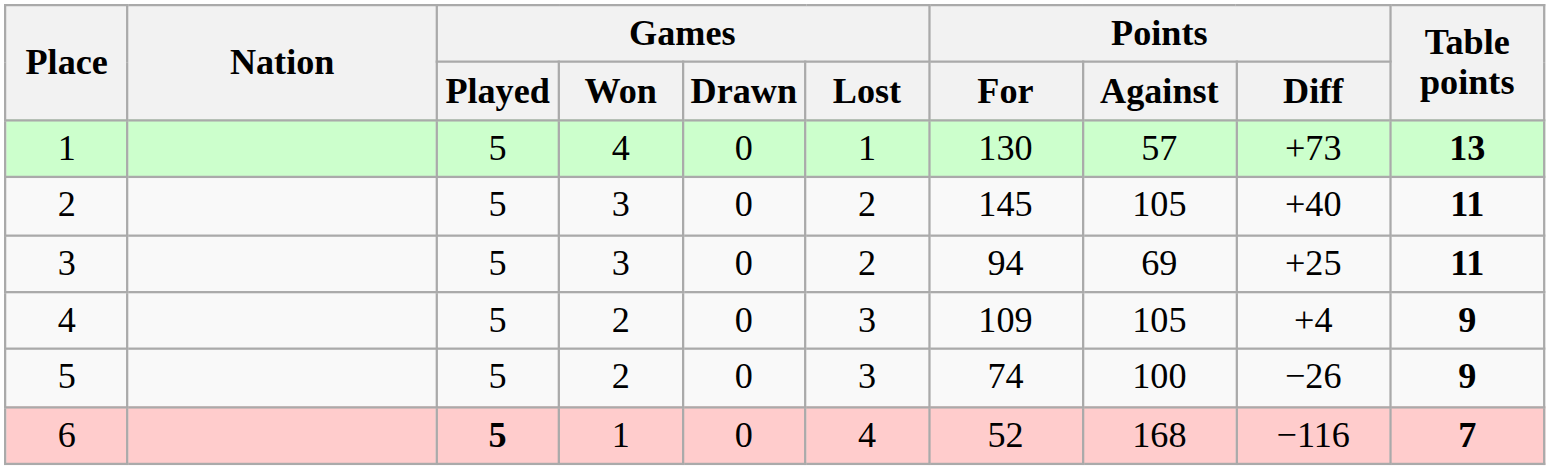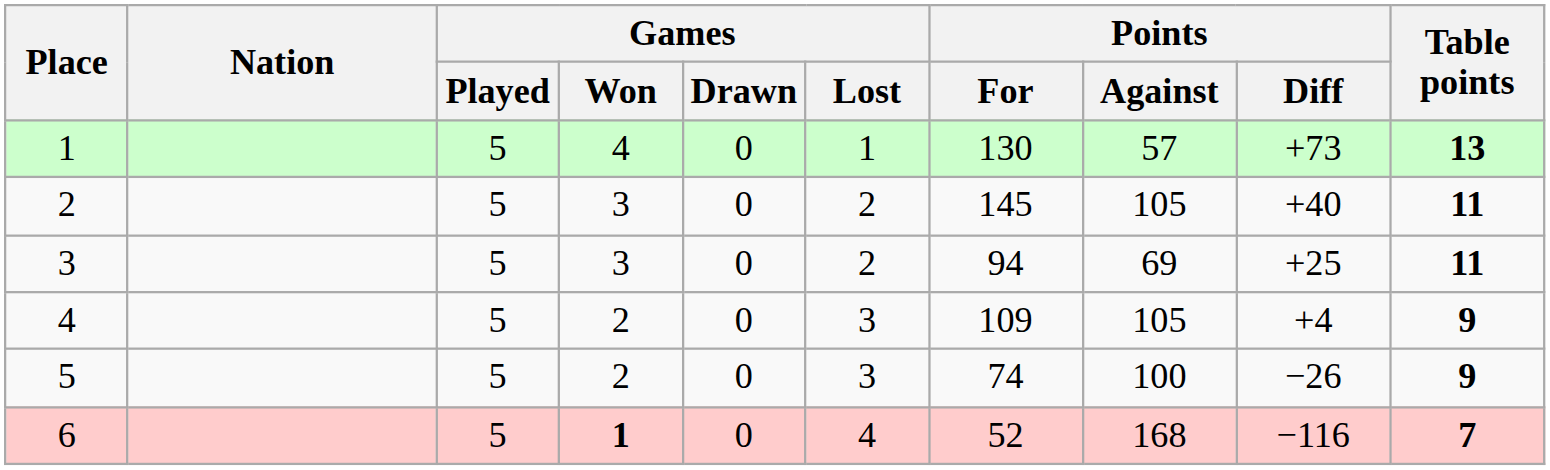 <table class="wikitable" style="text-align:center">
 <tr>
 <th rowspan=2 width="8%">Place</th>
 <th rowspan=2 width="20%">Nation</th>
 <th colspan=4 width="32%">Games</th>
 <th colspan=3 width="30%">Points</th>
 <th rowspan=2 width="10%">Table<br>points</th>
 </tr>
 <tr>
 <th width="8%">Played</th>
 <th width="8%">Won</th>
 <th width="8%">Drawn</th>
 <th width="8%">Lost</th>
 <th width="10%">For</th>
 <th width="10%">Against</th>
 <th width="10%">Diff</th>
 </tr>
 <tr bgcolor=#ccffcc>
 <td>1</td>
 <td align=left></td>
 <td>5</td>
 <td>4</td>
 <td>0</td>
 <td>1</td>
 <td>130</td>
 <td>57</td>
 <td>+73</td>
 <td><strong>13</strong></td>
 </tr>
 <tr>
 <td>2</td>
 <td align=left></td>
 <td>5</td>
 <td>3</td>
 <td>0</td>
 <td>2</td>
 <td>145</td>
 <td>105</td>
 <td>+40</td>
 <td><strong>11</strong></td>
 </tr>
 <tr>
 <td>3</td>
 <td align=left></td>
 <td>5</td>
 <td>3</td>
 <td>0</td>
 <td>2</td>
 <td>94</td>
 <td>69</td>
 <td>+25</td>
 <td><strong>11</strong></td>
 </tr>
 <tr>
 <td>4</td>
 <td align=left></td>
 <td>5</td>
 <td>2</td>
 <td>0</td>
 <td>3</td>
 <td>109</td>
 <td>105</td>
 <td>+4</td>
 <td><strong>9</strong></td>
 </tr>
 <tr>
 <td>5</td>
 <td align=left></td>
 <td>5</td>
 <td>2</td>
 <td>0</td>
 <td>3</td>
 <td>74</td>
 <td>100</td>
 <td>−26</td>
 <td><strong>9</strong></td>
 </tr>
 <tr bgcolor=#ffcccc>
 <td>6</td>
 <td align=left></td>
-<td><strong>5</strong></td>
-<td>1</td>
+<td>5</td>
+<td><strong>1</strong></td>
 <td>0</td>
 <td>4</td>
 <td>52</td>
 <td>168</td>
 <td>−116</td>
 <td><strong>7</strong></td>
 </tr>
 </table>
